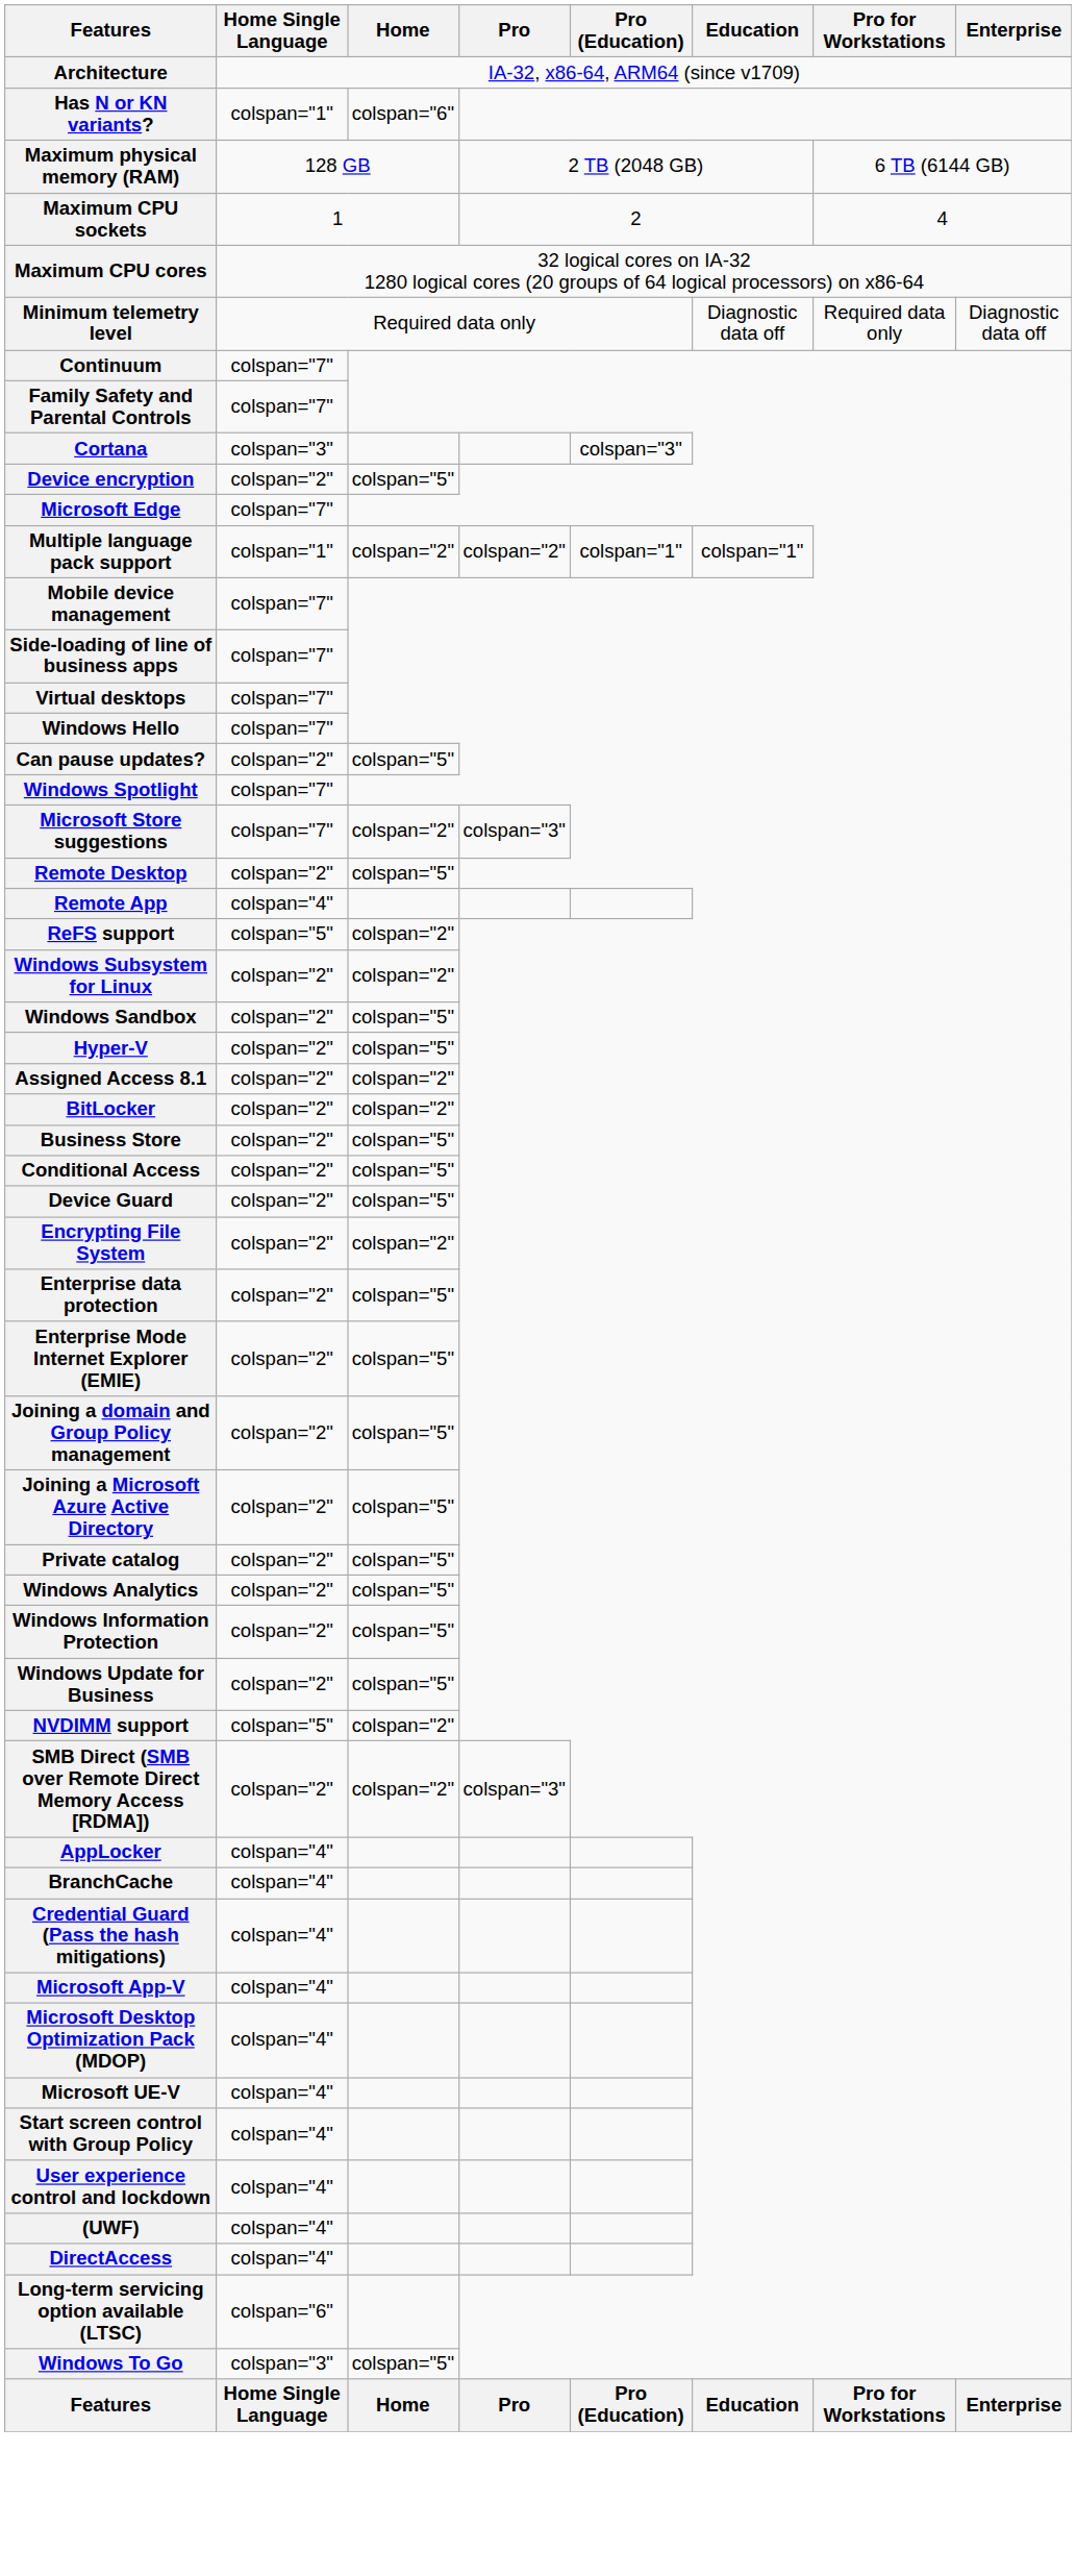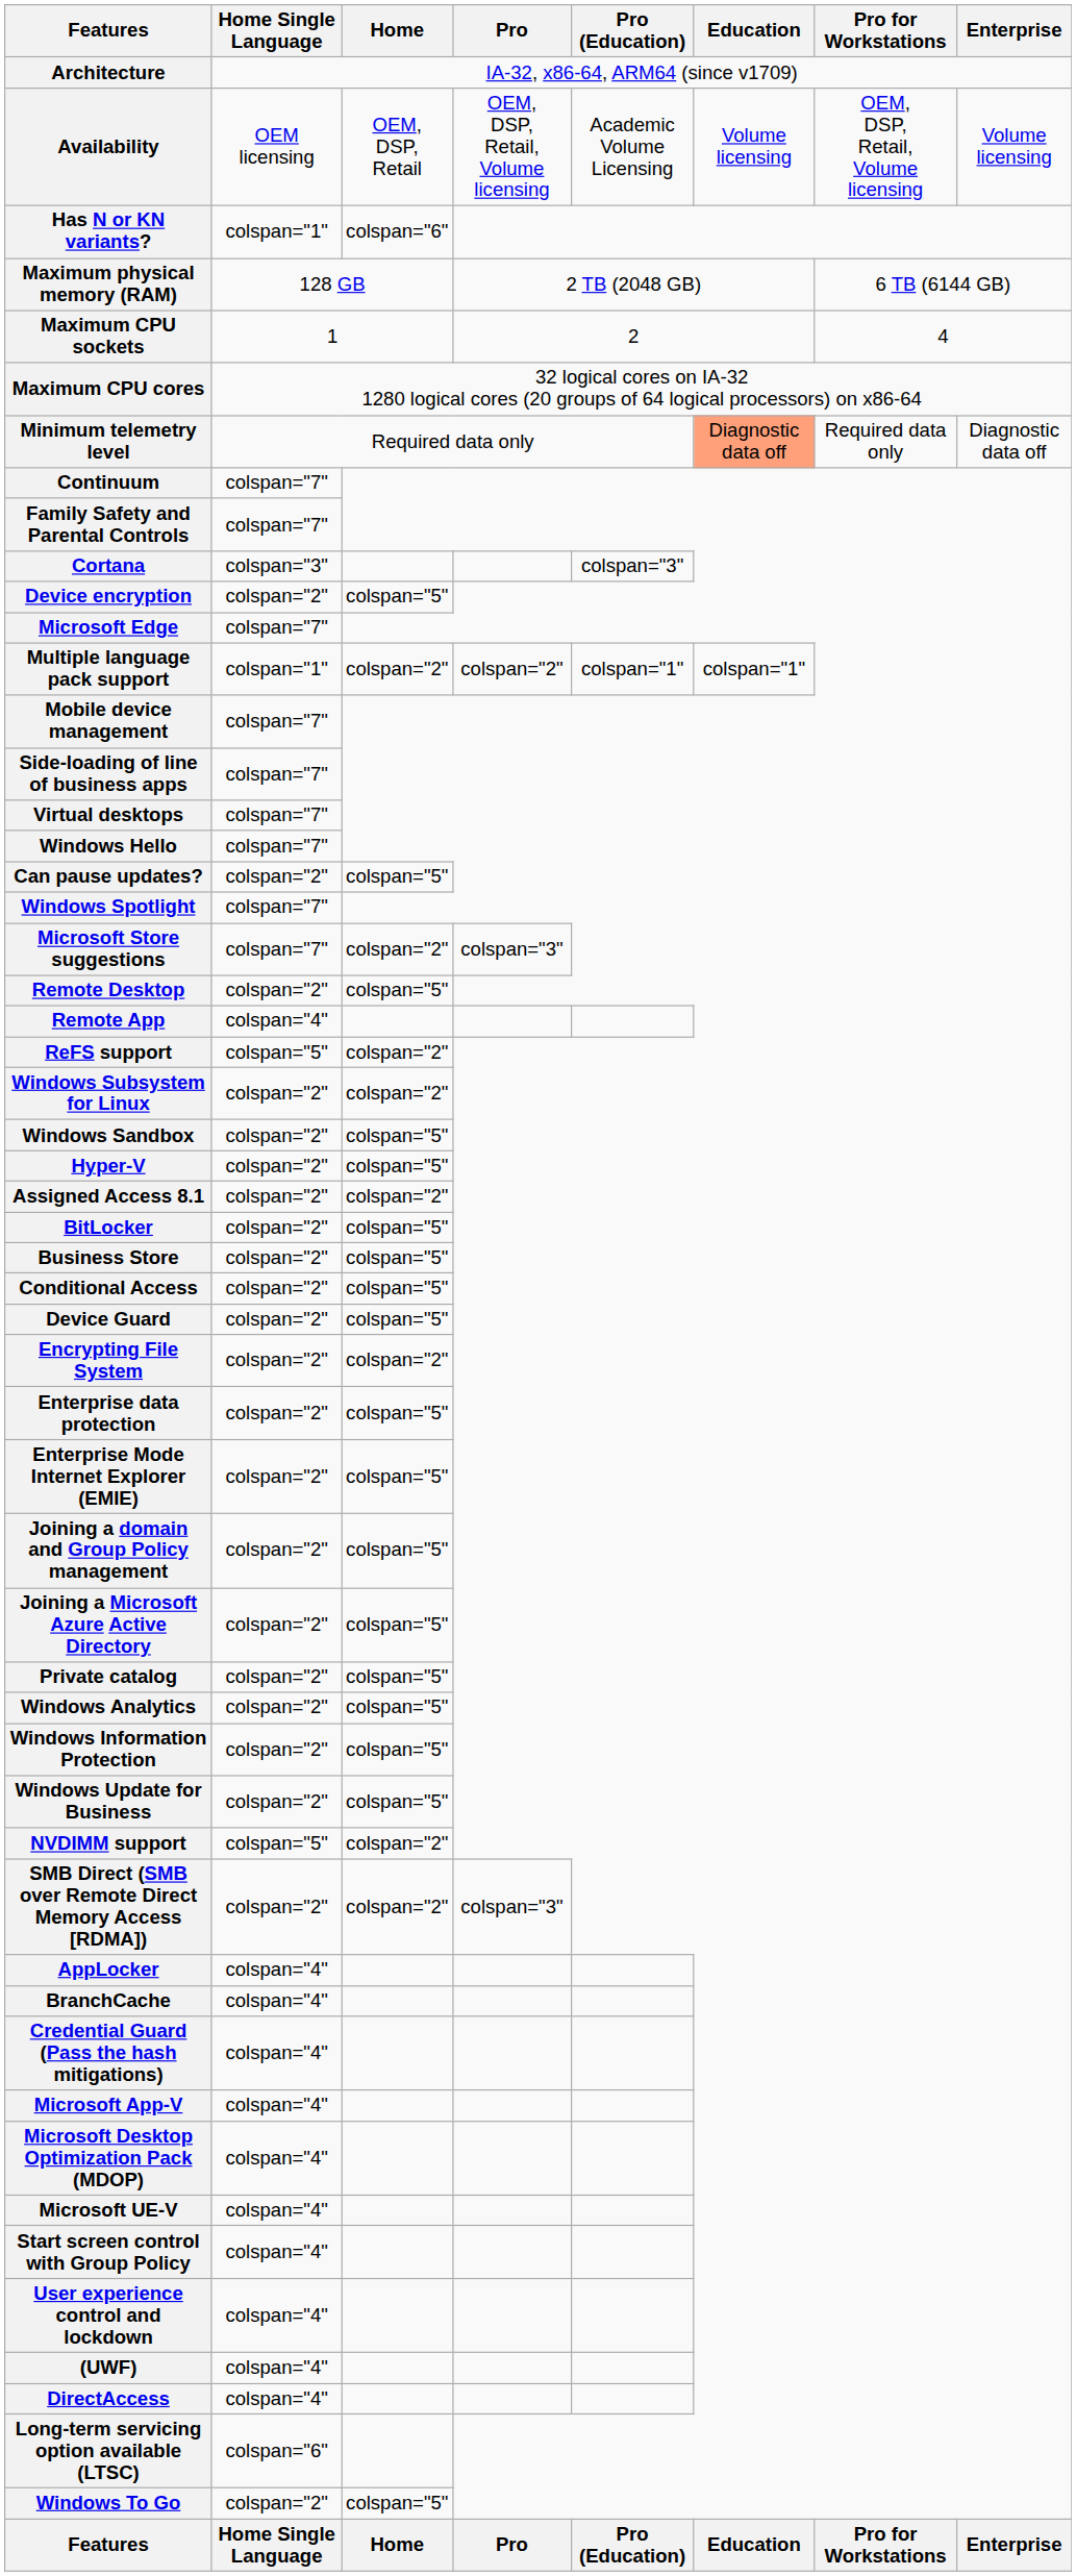 <table class="wikitable plainrowheaders sticky-header" style="margin-left:auto; margin-right:auto; text-align:center;">
 <tr>
 <th scope="col">Features</th>
 <th scope="col">Home Single Language</th>
 <th scope="col">Home</th>
 <th scope="col">Pro</th>
 <th scope="col">Pro (Education)</th>
 <th scope="col">Education</th>
 <th scope="col">Pro for Workstations</th>
 <th scope="col">Enterprise</th>
 </tr>
 <tr>
 <th scope="row">Architecture</th>
 <td colspan="7"><a href='#'>IA-32</a>, <a href='#'>x86-64</a>, <a href='#'>ARM64</a> (since v1709)</td>
+</tr>
+<tr>
+<th scope="row">Availability</th>
+<td><a href='#'>OEM</a> licensing</td>
+<td><a href='#'>OEM</a>, <br>DSP, <br>Retail</td>
+<td><a href='#'>OEM</a>, <br>DSP, <br>Retail, <br><a href='#'>Volume licensing</a></td>
+<td>Academic<br>Volume Licensing</td>
+<td><a href='#'>Volume licensing</a></td>
+<td><a href='#'>OEM</a>, <br>DSP, <br>Retail, <br><a href='#'>Volume licensing</a></td>
+<td><a href='#'>Volume licensing</a></td>
 </tr>
 <tr>
 <th scope="row">Has <a href='#'>N or KN variants</a>?</th>
 <td>colspan="1" </td>
 <td>colspan="6" </td>
 </tr>
 <tr>
 <th scope="row">Maximum physical memory (RAM)</th>
 <td colspan="2">128 <a href='#'>GB</a></td>
 <td colspan="3">2 <a href='#'>TB</a> (2048 GB)</td>
 <td colspan="2">6 <a href='#'>TB</a> (6144 GB)</td>
 </tr>
 <tr>
 <th scope="row">Maximum CPU sockets</th>
 <td colspan="2">1</td>
 <td colspan="3">2</td>
 <td colspan="2">4</td>
 </tr>
 <tr>
 <th scope="row">Maximum CPU cores</th>
 <td colspan="7">32 logical cores on IA-32<br>1280 logical cores (20 groups of 64 logical processors) on x86-64</td>
 </tr>
 <tr>
 <th scope="row">Minimum telemetry level</th>
 <td colspan="4">Required data only</td>
-<td>Diagnostic data off</td>
+<td style="background: lightsalmon;">Diagnostic data off</td>
 <td>Required data only</td>
 <td>Diagnostic data off</td>
 </tr>
 <tr>
 <th scope="row">Continuum </th>
 <td>colspan="7" </td>
 </tr>
 <tr>
 <th scope="row">Family Safety and Parental Controls</th>
 <td>colspan="7" </td>
 </tr>
 <tr>
 <th scope="row"><a href='#'>Cortana</a></th>
 <td>colspan="3" </td>
 <td></td>
 <td></td>
 <td>colspan="3" </td>
 </tr>
 <tr>
 <th scope="row"><a href='#'>Device encryption</a></th>
 <td>colspan="2" </td>
 <td>colspan="5" </td>
 </tr>
 <tr>
 <th scope="row"><a href='#'>Microsoft Edge</a></th>
 <td>colspan="7" </td>
 </tr>
 <tr>
 <th scope="row">Multiple language pack support</th>
 <td>colspan="1"  </td>
 <td>colspan="2" </td>
 <td>colspan="2" </td>
 <td>colspan="1" </td>
 <td>colspan="1" </td>
 </tr>
 <tr>
 <th scope="row">Mobile device management</th>
 <td>colspan="7" </td>
 </tr>
 <tr>
 <th scope="row">Side-loading of line of business apps</th>
 <td>colspan="7" </td>
 </tr>
 <tr>
 <th scope="row">Virtual desktops</th>
 <td>colspan="7" </td>
 </tr>
 <tr>
 <th scope="row">Windows Hello</th>
 <td>colspan="7" </td>
 </tr>
 <tr>
 <th scope="row">Can pause updates?</th>
 <td>colspan="2" </td>
 <td>colspan="5" </td>
 </tr>
 <tr>
 <th scope="row"><a href='#'>Windows Spotlight</a></th>
 <td>colspan="7" </td>
 </tr>
 <tr>
 <th scope="row"><a href='#'>Microsoft Store</a> suggestions</th>
 <td>colspan="7" </td>
 <td>colspan="2"  </td>
 <td>colspan="3" </td>
 </tr>
 <tr>
 <th scope="row"><a href='#'>Remote Desktop</a></th>
 <td>colspan="2" </td>
 <td>colspan="5" </td>
 </tr>
 <tr>
 <th scope="row"><a href='#'>Remote App</a></th>
 <td>colspan="4" </td>
 <td></td>
 <td></td>
 <td></td>
 </tr>
 <tr>
 <th scope="row"><a href='#'>ReFS</a> support</th>
 <td>colspan="5" </td>
 <td>colspan="2" </td>
 </tr>
 <tr>
 <th scope="row"><a href='#'>Windows Subsystem for Linux</a></th>
 <td>colspan="2" </td>
 <td>colspan="2" </td>
 </tr>
 <tr>
 <th scope="row">Windows Sandbox</th>
 <td>colspan="2" </td>
 <td>colspan="5" </td>
 </tr>
 <tr>
 <th scope="row"><a href='#'>Hyper-V</a></th>
 <td>colspan="2" </td>
 <td>colspan="5" </td>
 </tr>
 <tr>
 <th scope="row">Assigned Access 8.1</th>
 <td>colspan="2" </td>
 <td>colspan="2" </td>
 </tr>
 <tr>
 <th scope="row"><a href='#'>BitLocker</a></th>
 <td>colspan="2" </td>
-<td>colspan="2" </td>
+<td>colspan="5" </td>
 </tr>
 <tr>
 <th scope="row">Business Store</th>
 <td>colspan="2" </td>
 <td>colspan="5" </td>
 </tr>
 <tr>
 <th scope="row">Conditional Access</th>
 <td>colspan="2" </td>
 <td>colspan="5" </td>
 </tr>
 <tr>
 <th scope="row">Device Guard</th>
 <td>colspan="2" </td>
 <td>colspan="5" </td>
 </tr>
 <tr>
 <th scope="row"><a href='#'>Encrypting File System</a></th>
 <td>colspan="2" </td>
 <td>colspan="2" </td>
 </tr>
 <tr>
 <th scope="row">Enterprise data protection</th>
 <td>colspan="2" </td>
 <td>colspan="5" </td>
 </tr>
 <tr>
 <th scope="row">Enterprise Mode Internet Explorer (EMIE)</th>
 <td>colspan="2" </td>
 <td>colspan="5" </td>
 </tr>
 <tr>
 <th scope="row">Joining a <a href='#'>domain</a> and <a href='#'>Group Policy</a> management</th>
 <td>colspan="2" </td>
 <td>colspan="5" </td>
 </tr>
 <tr>
 <th scope="row">Joining a <a href='#'>Microsoft Azure</a> <a href='#'>Active Directory</a></th>
 <td>colspan="2" </td>
 <td>colspan="5" </td>
 </tr>
 <tr>
 <th scope="row">Private catalog</th>
 <td>colspan="2" </td>
 <td>colspan="5" </td>
 </tr>
 <tr>
 <th scope="row">Windows Analytics</th>
 <td>colspan="2" </td>
 <td>colspan="5" </td>
 </tr>
 <tr>
 <th scope="row">Windows Information Protection</th>
 <td>colspan="2" </td>
 <td>colspan="5" </td>
 </tr>
 <tr>
 <th scope="row">Windows Update for Business</th>
 <td>colspan="2" </td>
 <td>colspan="5" </td>
 </tr>
 <tr>
 <th scope="row"><a href='#'>NVDIMM</a> support</th>
 <td>colspan="5" </td>
 <td>colspan="2" </td>
 </tr>
 <tr>
 <th scope="row">SMB Direct (<a href='#'>SMB</a> over Remote Direct Memory Access [RDMA])</th>
 <td>colspan="2" </td>
 <td>colspan="2" </td>
 <td>colspan="3" </td>
 </tr>
 <tr>
 <th scope="row"><a href='#'>AppLocker</a></th>
 <td>colspan="4" </td>
 <td></td>
 <td></td>
 <td></td>
 </tr>
 <tr>
 <th scope="row">BranchCache</th>
 <td>colspan="4" </td>
 <td></td>
 <td></td>
 <td></td>
 </tr>
 <tr>
 <th scope="row"><a href='#'>Credential Guard</a> (<a href='#'>Pass the hash</a> mitigations)</th>
 <td>colspan="4" </td>
 <td></td>
 <td></td>
 <td></td>
 </tr>
 <tr>
 <th scope="row"><a href='#'>Microsoft App-V</a></th>
 <td>colspan="4" </td>
 <td></td>
 <td></td>
 <td></td>
 </tr>
 <tr>
 <th scope="row"><a href='#'>Microsoft Desktop Optimization Pack</a> (MDOP)</th>
 <td>colspan="4" </td>
 <td></td>
 <td></td>
 <td></td>
 </tr>
 <tr>
 <th scope="row">Microsoft UE-V</th>
 <td>colspan="4" </td>
 <td></td>
 <td></td>
 <td></td>
 </tr>
 <tr>
 <th scope="row">Start screen control with Group Policy</th>
 <td>colspan="4" </td>
 <td></td>
 <td></td>
 <td></td>
 </tr>
 <tr>
 <th scope="row"><a href='#'>User experience</a> control and lockdown</th>
 <td>colspan="4" </td>
 <td></td>
 <td></td>
 <td></td>
 </tr>
 <tr>
 <th scope="row"> (UWF)</th>
 <td>colspan="4" </td>
 <td></td>
 <td></td>
 <td></td>
 </tr>
 <tr>
 <th scope="row"><a href='#'>DirectAccess</a></th>
 <td>colspan="4" </td>
 <td></td>
 <td></td>
 <td></td>
 </tr>
 <tr>
 <th scope="row">Long-term servicing option available (LTSC)</th>
 <td>colspan="6" </td>
 <td></td>
 </tr>
 <tr>
 <th scope="row"><a href='#'>Windows To Go</a></th>
-<td>colspan="3" </td>
+<td>colspan="2" </td>
 <td>colspan="5" </td>
 </tr>
 <tr class="sort-bottom">
 <th scope="col">Features</th>
 <th scope="col">Home Single Language</th>
 <th scope="col">Home</th>
 <th scope="col">Pro</th>
 <th scope="col">Pro (Education)</th>
 <th scope="col">Education</th>
 <th scope="col">Pro for Workstations</th>
 <th scope="col">Enterprise</th>
 </tr>
 </table>
